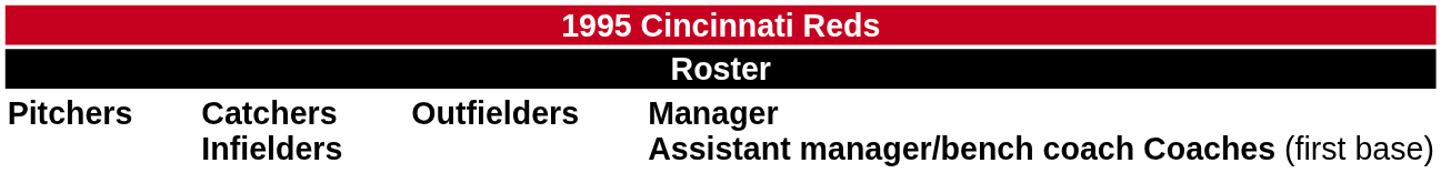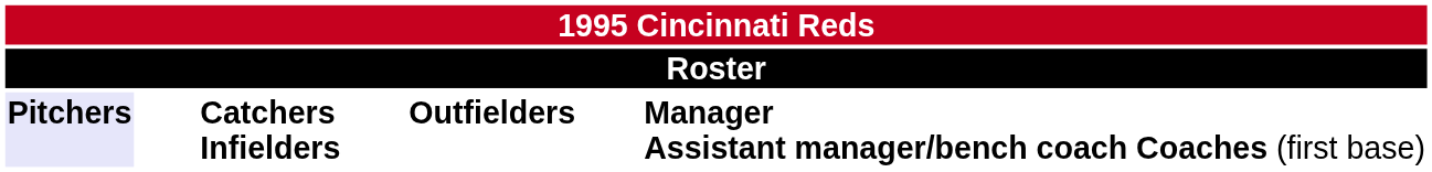 <table class="toccolours" style="font-size: 95%;">
 <tr>
 <th colspan="10" style="background:#c6011f; color:#fff; text-align:center;">1995 Cincinnati Reds</th>
 </tr>
 <tr>
 <td colspan="10" style="background:black; color:#fff; text-align:center;"><strong>Roster</strong></td>
 </tr>
 <tr>
-<td valign="top"><strong>Pitchers</strong><br>                       </td>
+<td valign="top" style="background: lavender;"><strong>Pitchers</strong><br>                       </td>
 <td style="width:25px;"></td>
 <td valign="top"><strong>Catchers</strong><br>   <strong>Infielders</strong>           </td>
 <td style="width:25px;"></td>
 <td valign="top"><strong>Outfielders</strong><br>        </td>
 <td style="width:25px;"></td>
 <td valign="top"><strong>Manager</strong><br> <strong>Assistant manager/bench coach</strong>  <strong>Coaches</strong>     (first base)</td>
 </tr>
 </table>
